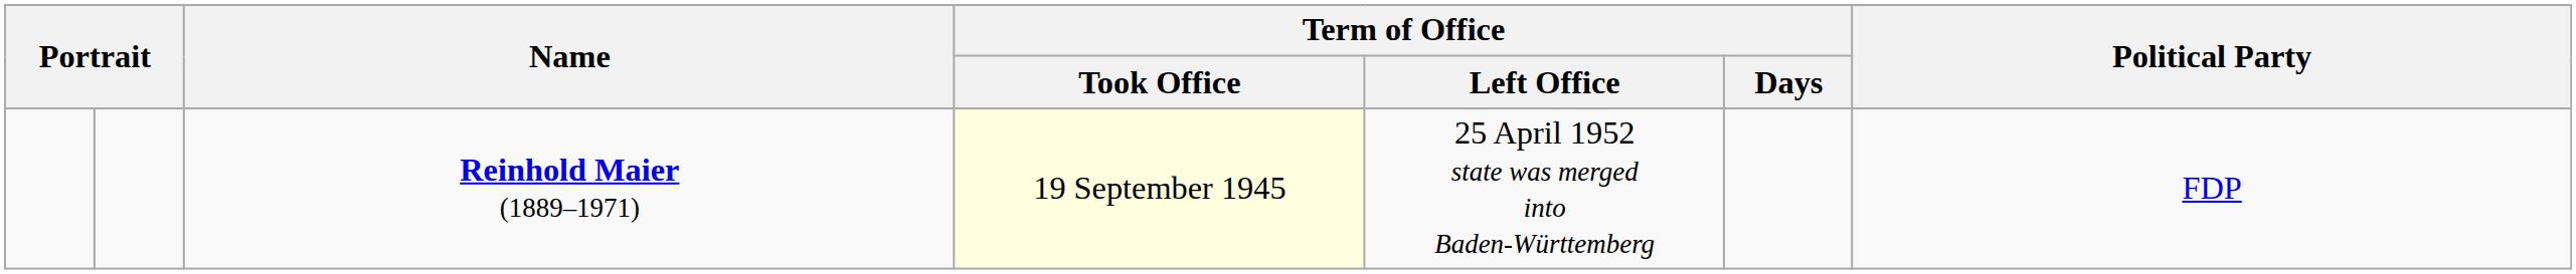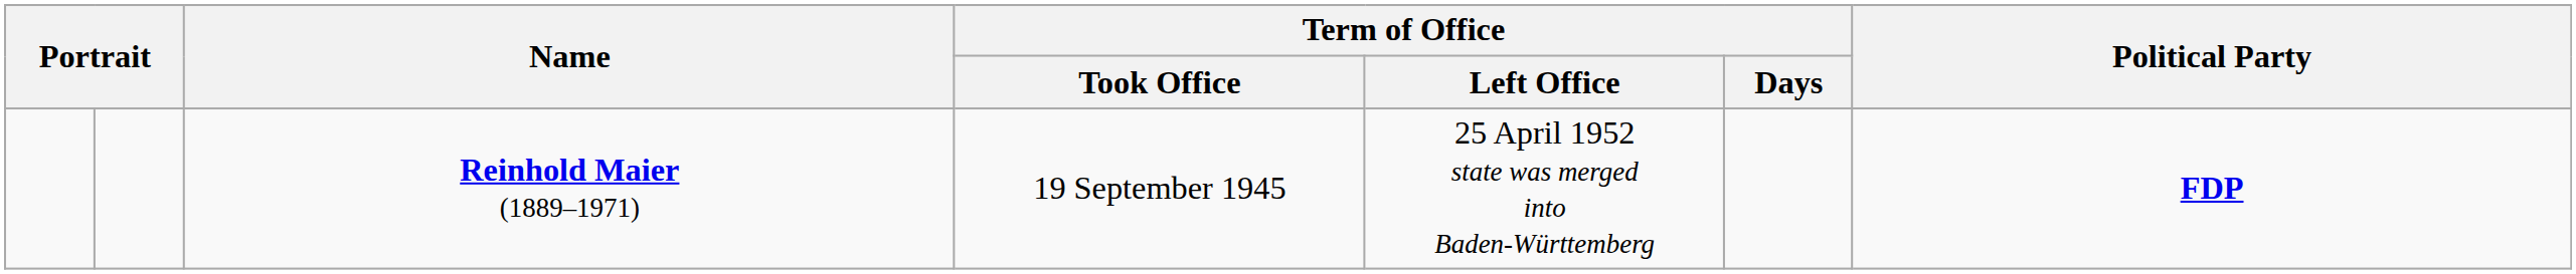 <table class="wikitable" style="text-align:center; width:100%; border:1px #AAAAFF solid">
 <tr>
 <th width=80px rowspan=2 colspan=2>Portrait</th>
 <th width=30% rowspan=2>Name<br></th>
 <th width=35% colspan=3>Term of Office</th>
 <th width=28% rowspan=2>Political Party</th>
 </tr>
 <tr>
 <th>Took Office</th>
 <th>Left Office</th>
 <th>Days</th>
 </tr>
 <tr>
 <td style="background:"></td>
 <td></td>
 <td><strong><a href='#'>Reinhold Maier</a></strong><br><small>(1889–1971)</small></td>
-<td style="background: lightyellow;">19 September 1945</td>
+<td>19 September 1945</td>
 <td>25 April 1952<br><small><em>state was merged<br>into<br> Baden-Württemberg</em></small></td>
 <td></td>
-<td><a href='#'>FDP</a></td>
+<td><strong><a href='#'>FDP</a></strong></td>
 </tr>
 </table>
